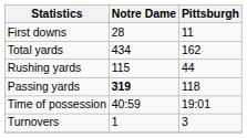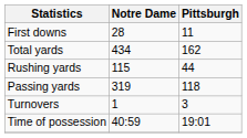 <table class="wikitable">
 <tr>
 <th>Statistics</th>
 <th>Notre Dame</th>
 <th>Pittsburgh</th>
 </tr>
 <tr>
 <td>First downs</td>
 <td>28</td>
 <td>11</td>
 </tr>
 <tr>
 <td>Total yards</td>
 <td>434</td>
 <td>162</td>
 </tr>
 <tr>
 <td>Rushing yards</td>
 <td>115</td>
 <td>44</td>
 </tr>
 <tr>
 <td>Passing yards</td>
-<td><strong>319</strong></td>
+<td>319</td>
 <td>118</td>
+</tr>
+<tr>
+<td>Turnovers</td>
+<td>1</td>
+<td>3</td>
 </tr>
 <tr>
 <td>Time of possession</td>
 <td>40:59</td>
 <td>19:01</td>
 </tr>
 <tr>
-<td>Turnovers</td>
-<td>1</td>
-<td>3</td>
-</tr>
-<tr>
 </tr>
 </table>
